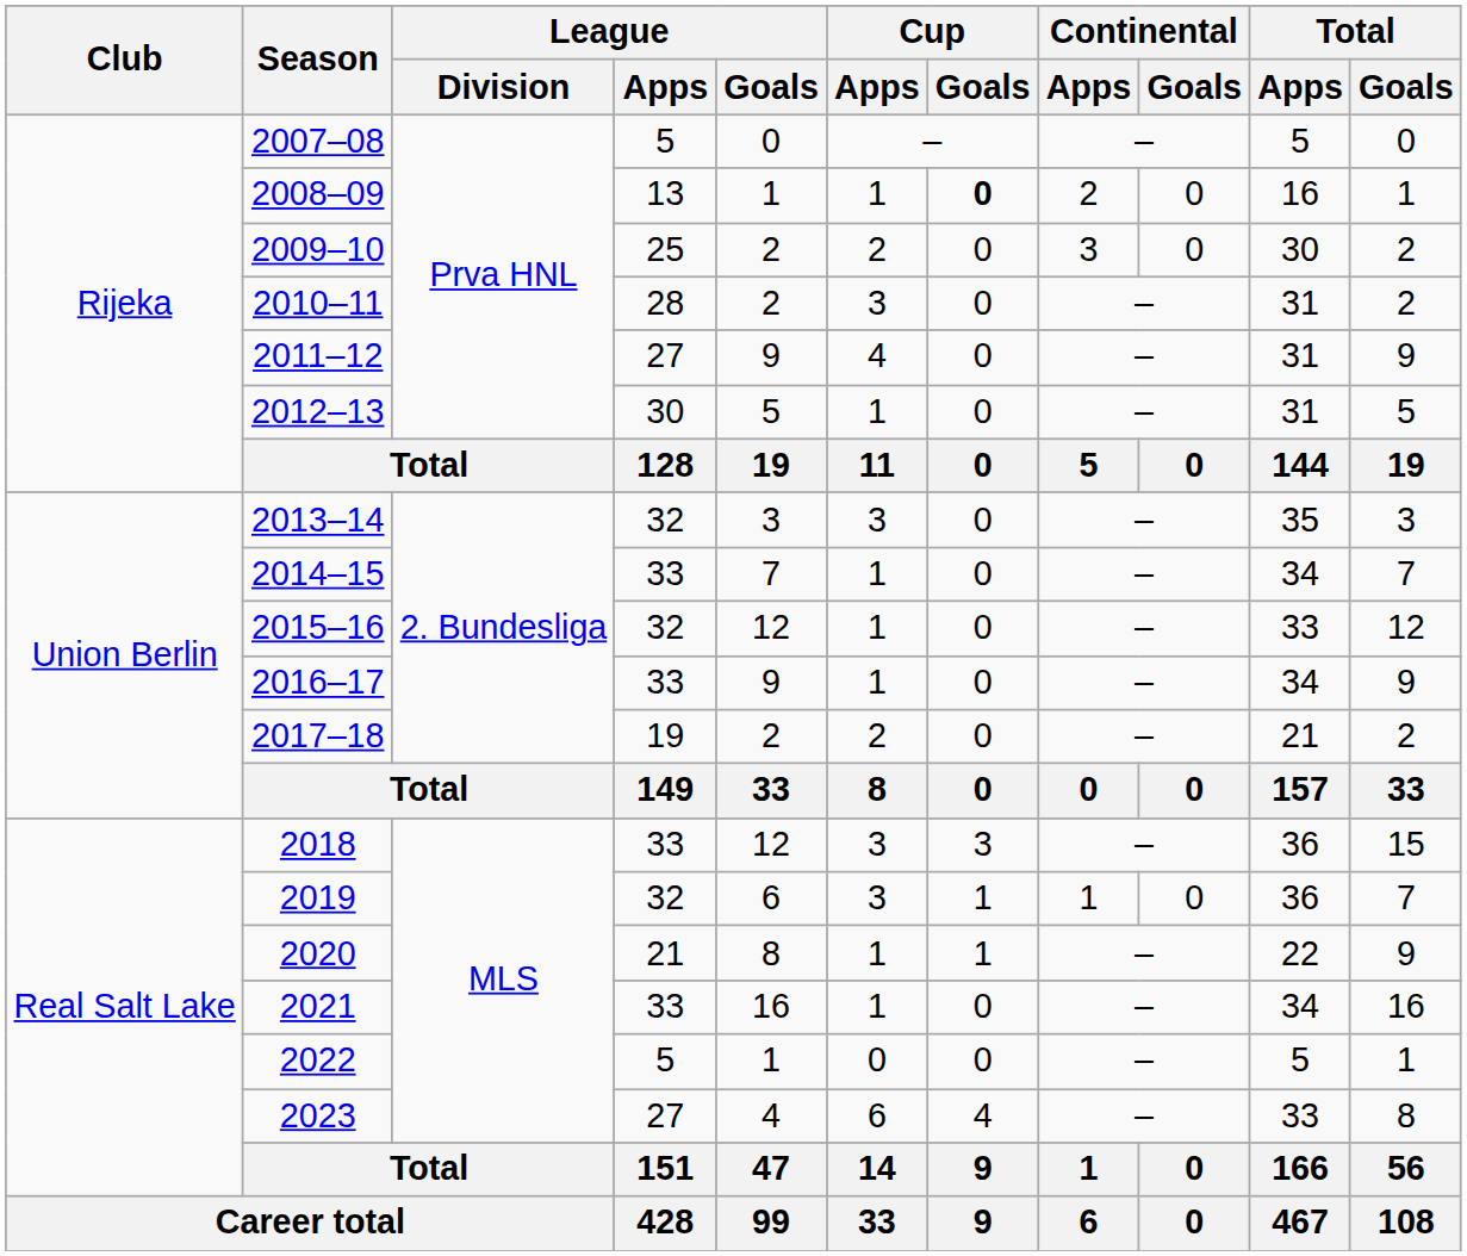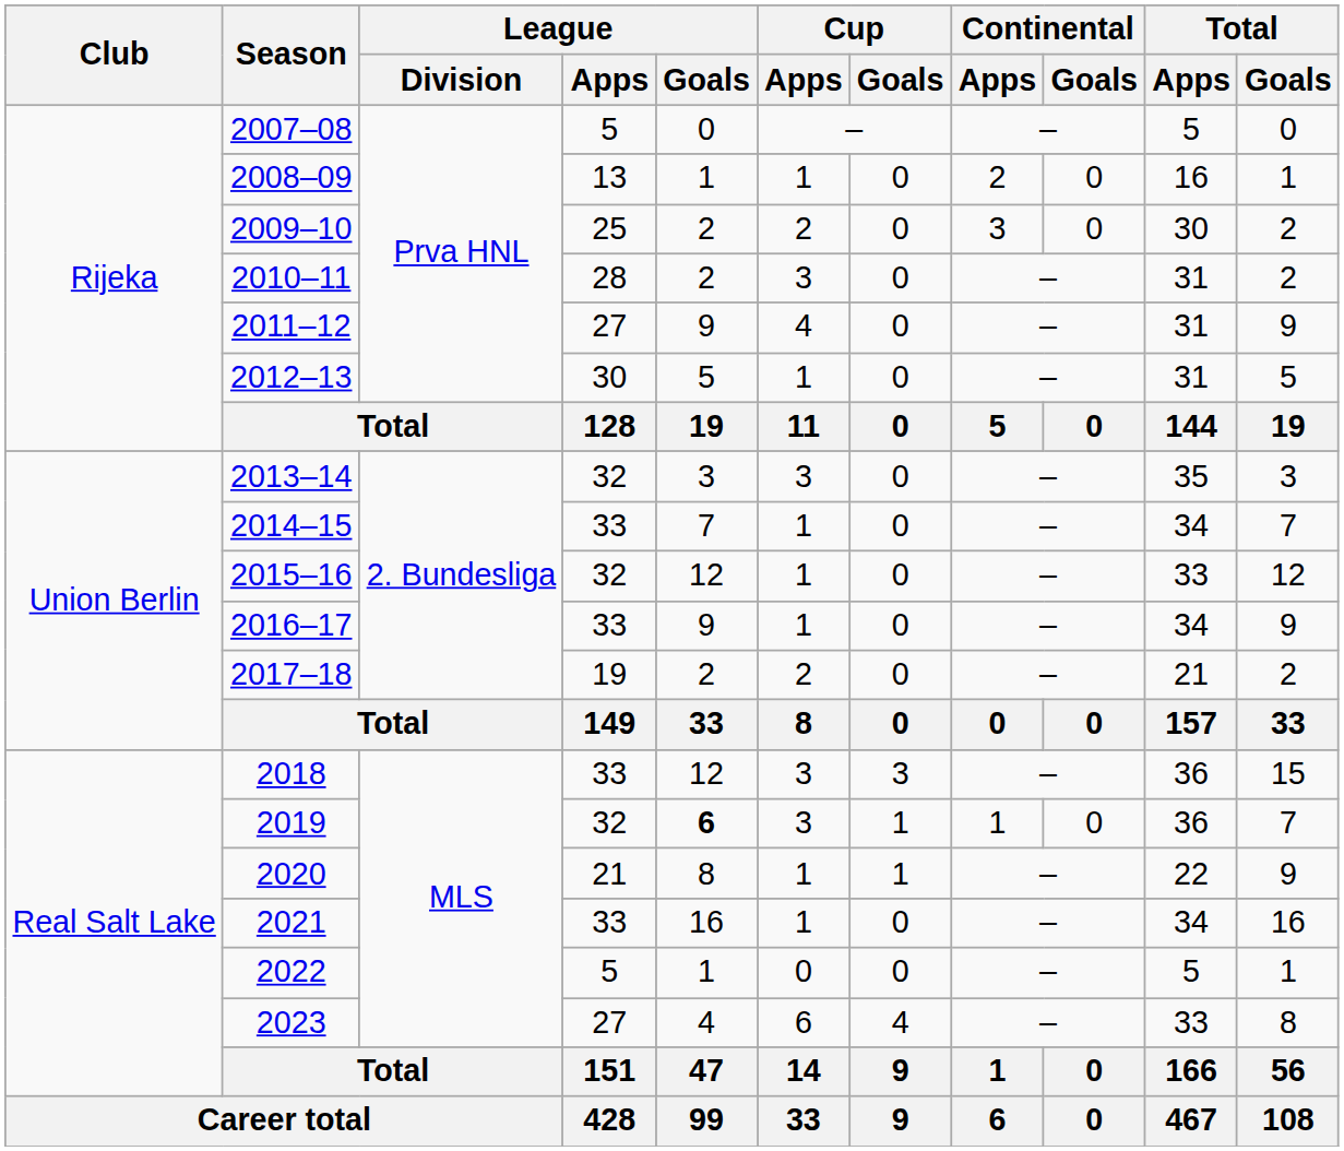 <table class="wikitable" style="text-align:center">
 <tr>
 <th rowspan="2">Club</th>
 <th rowspan="2">Season</th>
 <th colspan="3">League</th>
 <th colspan="2">Cup</th>
 <th colspan="2">Continental</th>
 <th colspan="2">Total</th>
 </tr>
 <tr>
 <th>Division</th>
 <th>Apps</th>
 <th>Goals</th>
 <th>Apps</th>
 <th>Goals</th>
 <th>Apps</th>
 <th>Goals</th>
 <th>Apps</th>
 <th>Goals</th>
 </tr>
 <tr>
 <td rowspan="7"><a href='#'>Rijeka</a></td>
 <td><a href='#'>2007–08</a></td>
 <td rowspan="6"><a href='#'>Prva HNL</a></td>
 <td>5</td>
 <td>0</td>
 <td colspan="2">–</td>
 <td colspan="2">–</td>
 <td>5</td>
 <td>0</td>
 </tr>
 <tr>
 <td><a href='#'>2008–09</a></td>
 <td>13</td>
 <td>1</td>
 <td>1</td>
-<td><strong>0</strong></td>
+<td>0</td>
 <td>2</td>
 <td>0</td>
 <td>16</td>
 <td>1</td>
 </tr>
 <tr>
 <td><a href='#'>2009–10</a></td>
 <td>25</td>
 <td>2</td>
 <td>2</td>
 <td>0</td>
 <td>3</td>
 <td>0</td>
 <td>30</td>
 <td>2</td>
 </tr>
 <tr>
 <td><a href='#'>2010–11</a></td>
 <td>28</td>
 <td>2</td>
 <td>3</td>
 <td>0</td>
 <td colspan="2">–</td>
 <td>31</td>
 <td>2</td>
 </tr>
 <tr>
 <td><a href='#'>2011–12</a></td>
 <td>27</td>
 <td>9</td>
 <td>4</td>
 <td>0</td>
 <td colspan="2">–</td>
 <td>31</td>
 <td>9</td>
 </tr>
 <tr>
 <td><a href='#'>2012–13</a></td>
 <td>30</td>
 <td>5</td>
 <td>1</td>
 <td>0</td>
 <td colspan="2">–</td>
 <td>31</td>
 <td>5</td>
 </tr>
 <tr>
 <th colspan="2">Total</th>
 <th>128</th>
 <th>19</th>
 <th>11</th>
 <th>0</th>
 <th>5</th>
 <th>0</th>
 <th>144</th>
 <th>19</th>
 </tr>
 <tr>
 <td rowspan=6><a href='#'>Union Berlin</a></td>
 <td><a href='#'>2013–14</a></td>
 <td rowspan=5><a href='#'>2. Bundesliga</a></td>
 <td>32</td>
 <td>3</td>
 <td>3</td>
 <td>0</td>
 <td colspan="2">–</td>
 <td>35</td>
 <td>3</td>
 </tr>
 <tr>
 <td><a href='#'>2014–15</a></td>
 <td>33</td>
 <td>7</td>
 <td>1</td>
 <td>0</td>
 <td colspan="2">–</td>
 <td>34</td>
 <td>7</td>
 </tr>
 <tr>
 <td><a href='#'>2015–16</a></td>
 <td>32</td>
 <td>12</td>
 <td>1</td>
 <td>0</td>
 <td colspan="2">–</td>
 <td>33</td>
 <td>12</td>
 </tr>
 <tr>
 <td><a href='#'>2016–17</a></td>
 <td>33</td>
 <td>9</td>
 <td>1</td>
 <td>0</td>
 <td colspan="2">–</td>
 <td>34</td>
 <td>9</td>
 </tr>
 <tr>
 <td><a href='#'>2017–18</a></td>
 <td>19</td>
 <td>2</td>
 <td>2</td>
 <td>0</td>
 <td colspan="2">–</td>
 <td>21</td>
 <td>2</td>
 </tr>
 <tr>
 <th colspan="2">Total</th>
 <th>149</th>
 <th>33</th>
 <th>8</th>
 <th>0</th>
 <th>0</th>
 <th>0</th>
 <th>157</th>
 <th>33</th>
 </tr>
 <tr>
 <td rowspan="7"><a href='#'>Real Salt Lake</a></td>
 <td><a href='#'>2018</a></td>
 <td rowspan="6"><a href='#'>MLS</a></td>
 <td>33</td>
 <td>12</td>
 <td>3</td>
 <td>3</td>
 <td colspan="2">–</td>
 <td>36</td>
 <td>15</td>
 </tr>
 <tr>
 <td><a href='#'>2019</a></td>
 <td>32</td>
-<td>6</td>
+<td><strong>6</strong></td>
 <td>3</td>
 <td>1</td>
 <td>1</td>
 <td>0</td>
 <td>36</td>
 <td>7</td>
 </tr>
 <tr>
 <td><a href='#'>2020</a></td>
 <td>21</td>
 <td>8</td>
 <td>1</td>
 <td>1</td>
 <td colspan="2">–</td>
 <td>22</td>
 <td>9</td>
 </tr>
 <tr>
 <td><a href='#'>2021</a></td>
 <td>33</td>
 <td>16</td>
 <td>1</td>
 <td>0</td>
 <td colspan="2">–</td>
 <td>34</td>
 <td>16</td>
 </tr>
 <tr>
 <td><a href='#'>2022</a></td>
 <td>5</td>
 <td>1</td>
 <td>0</td>
 <td>0</td>
 <td colspan="2">–</td>
 <td>5</td>
 <td>1</td>
 </tr>
 <tr>
 <td><a href='#'>2023</a></td>
 <td>27</td>
 <td>4</td>
 <td>6</td>
 <td>4</td>
 <td colspan="2">–</td>
 <td>33</td>
 <td>8</td>
 </tr>
 <tr>
 <th colspan="2">Total</th>
 <th>151</th>
 <th>47</th>
 <th>14</th>
 <th>9</th>
 <th>1</th>
 <th>0</th>
 <th>166</th>
 <th>56</th>
 </tr>
 <tr>
 <th colspan="3">Career total</th>
 <th>428</th>
 <th>99</th>
 <th>33</th>
 <th>9</th>
 <th>6</th>
 <th>0</th>
 <th>467</th>
 <th>108</th>
 </tr>
 <tr>
 </tr>
 </table>
